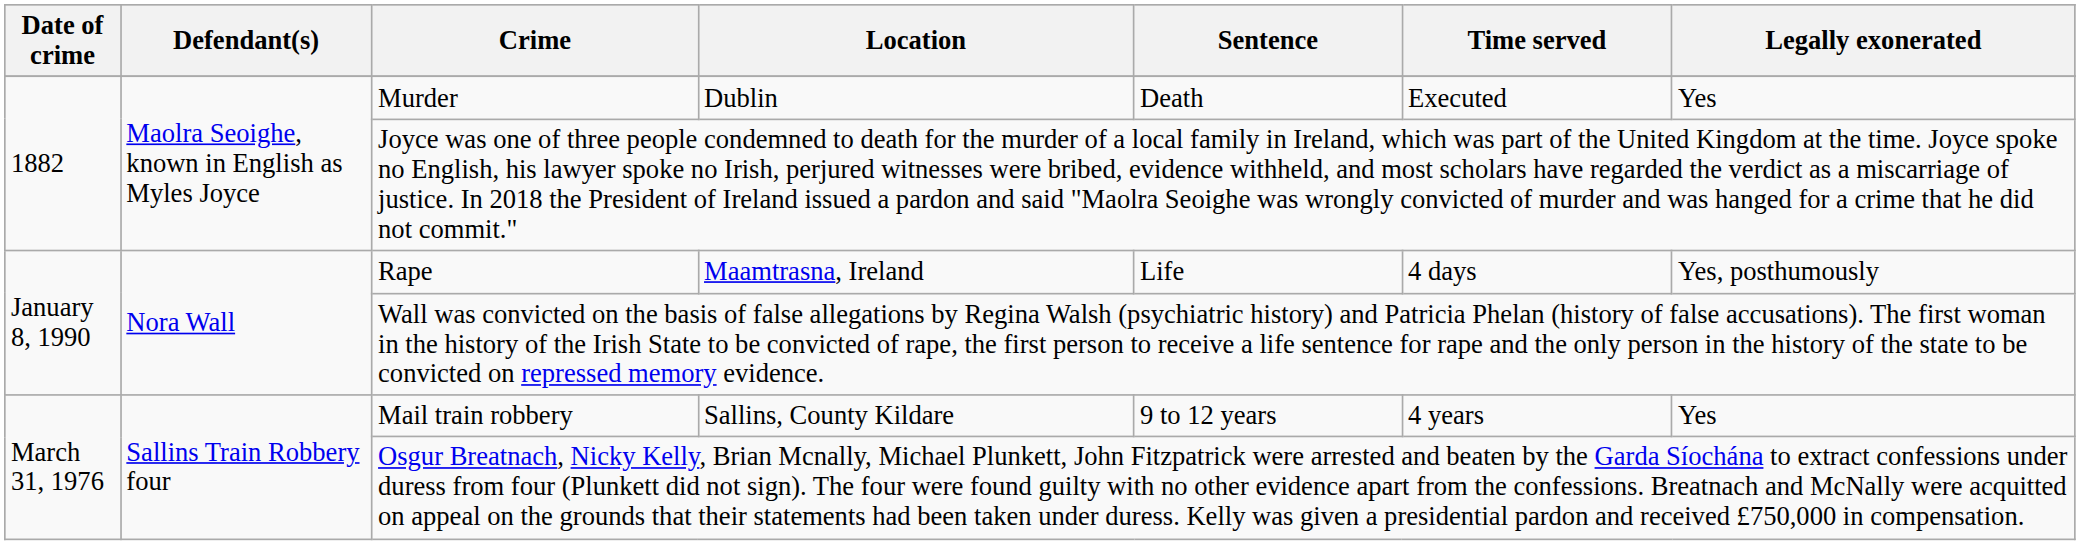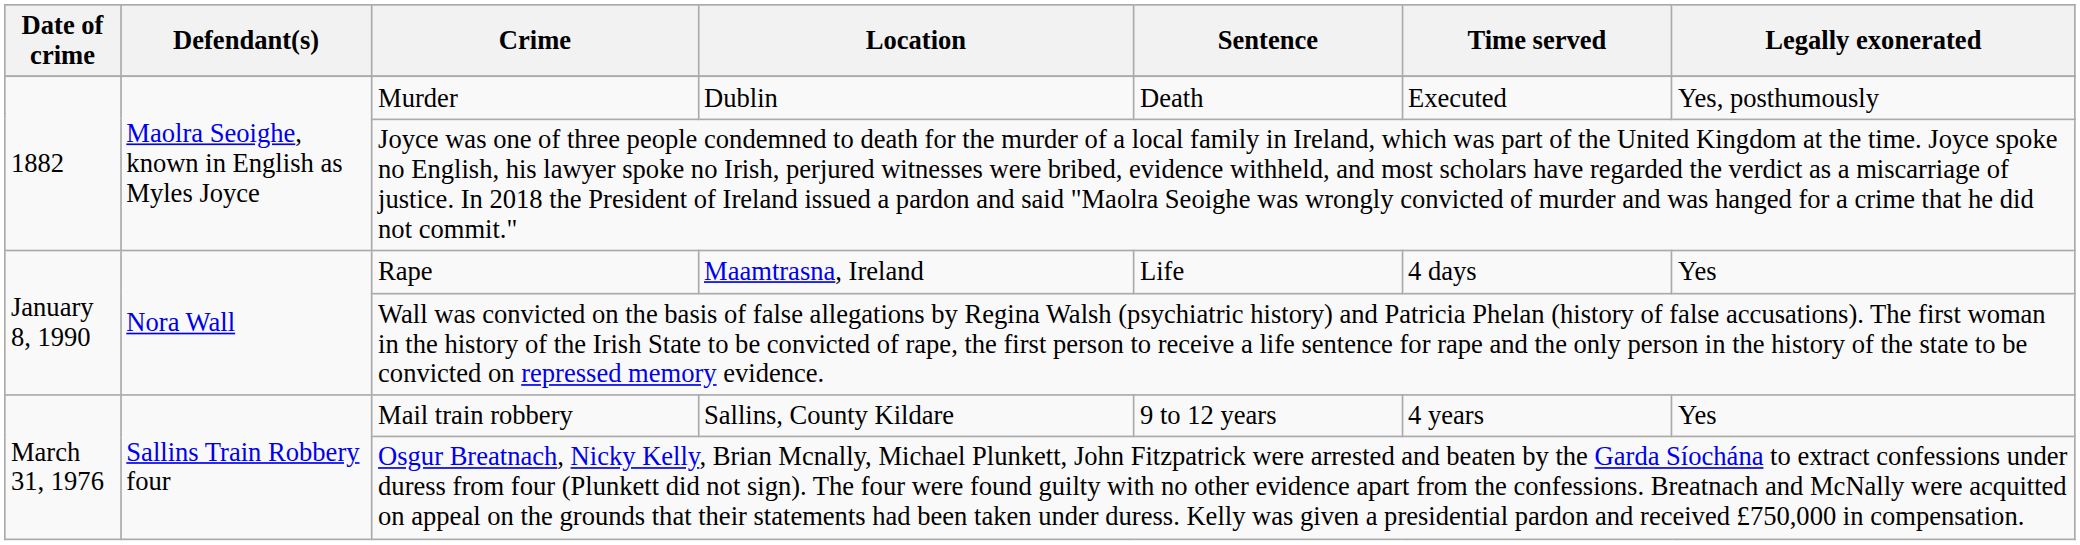 <table class="wikitable sortable">
 <tr>
 <th>Date of crime</th>
 <th>Defendant(s)</th>
 <th>Crime</th>
 <th>Location</th>
 <th>Sentence</th>
 <th>Time served</th>
 <th>Legally exonerated</th>
 </tr>
 <tr>
 </tr>
 <tr ->
 <td rowspan="2">1882</td>
 <td rowspan="2"><a href='#'>Maolra Seoighe</a>, known in English as Myles Joyce</td>
 <td>Murder</td>
 <td>Dublin</td>
 <td>Death</td>
 <td>Executed</td>
-<td>Yes</td>
+<td>Yes, posthumously</td>
 </tr>
 <tr>
 <td colspan=5>Joyce was one of three people condemned to death for the murder of a local family in Ireland, which was part of the United Kingdom at the time. Joyce spoke no English, his lawyer spoke no Irish, perjured witnesses were bribed, evidence withheld, and most scholars have regarded the verdict as a miscarriage of justice. In 2018 the President of Ireland issued a pardon and said "Maolra Seoighe was wrongly convicted of murder and was hanged for a crime that he did not commit."</td>
 </tr>
 <tr ->
 <td rowspan="2">January 8, 1990</td>
 <td rowspan="2"><a href='#'>Nora Wall</a></td>
 <td>Rape</td>
 <td><a href='#'>Maamtrasna</a>, Ireland</td>
 <td>Life</td>
 <td>4 days</td>
-<td>Yes, posthumously</td>
+<td>Yes</td>
 </tr>
 <tr>
 <td colspan=5>Wall was convicted on the basis of false allegations by Regina Walsh (psychiatric history) and Patricia Phelan (history of false accusations). The first woman in the history of the Irish State to be convicted of rape, the first person to receive a life sentence for rape and the only person in the history of the state to be convicted on <a href='#'>repressed memory</a> evidence.</td>
 </tr>
 <tr ->
 <td rowspan="2">March 31, 1976</td>
 <td rowspan="2"><a href='#'>Sallins Train Robbery</a> four</td>
 <td>Mail train robbery</td>
 <td>Sallins, County Kildare</td>
 <td>9 to 12 years</td>
 <td>4 years</td>
 <td>Yes</td>
 </tr>
 <tr>
 <td colspan=5><a href='#'>Osgur Breatnach</a>, <a href='#'>Nicky Kelly</a>, Brian Mcnally, Michael Plunkett, John Fitzpatrick were arrested and beaten by the <a href='#'>Garda Síochána</a> to extract confessions under duress from four (Plunkett did not sign). The four were found guilty with no other evidence apart from the confessions. Breatnach and McNally were acquitted on appeal on the grounds that their statements had been taken under duress. Kelly was given a presidential pardon and received £750,000 in compensation.</td>
 </tr>
 </table>
